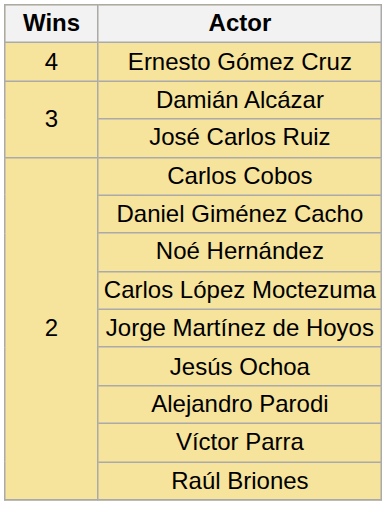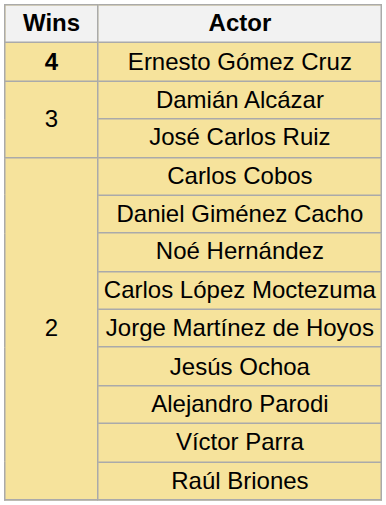 <table class="wikitable" rowspan=2 style="text-align: center; background: #f6e39c">
 <tr>
 <th scope="col" width="55">Wins</th>
 <th scope="col" align="center">Actor</th>
 </tr>
 <tr>
-<td rowspan=1 style="text-align:center;">4</td>
+<td rowspan=1 style="text-align:center;"><strong>4</strong></td>
 <td>Ernesto Gómez Cruz</td>
 </tr>
 <tr>
 <td rowspan=2 style="text-align:center;">3</td>
 <td>Damián Alcázar</td>
 </tr>
 <tr>
 <td>José Carlos Ruiz</td>
 </tr>
 <tr>
 <td rowspan=9 style="text-align:center;">2</td>
 <td>Carlos Cobos</td>
 </tr>
 <tr>
 <td>Daniel Giménez Cacho</td>
 </tr>
 <tr>
 <td>Noé Hernández</td>
 </tr>
 <tr>
 <td>Carlos López Moctezuma</td>
 </tr>
 <tr>
 <td>Jorge Martínez de Hoyos</td>
 </tr>
 <tr>
 <td>Jesús Ochoa</td>
 </tr>
 <tr>
 <td>Alejandro Parodi</td>
 </tr>
 <tr>
 <td>Víctor Parra</td>
 </tr>
 <tr>
 <td>Raúl Briones</td>
 </tr>
 <tr>
 </tr>
 </table>
